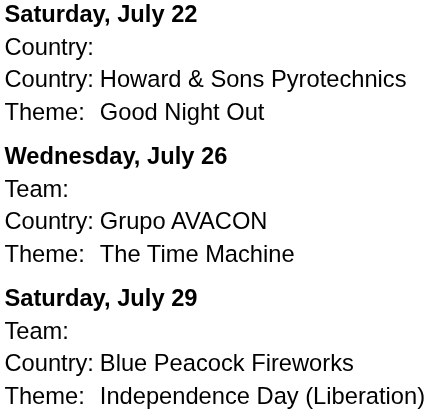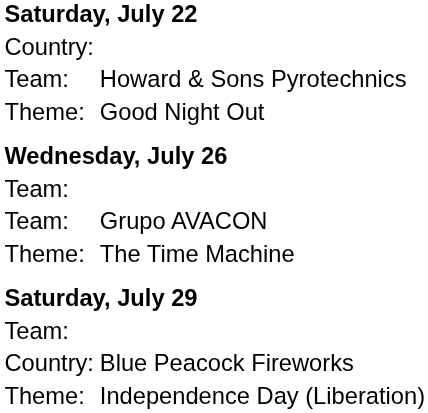 <table border="0">
 <tr>
 <td colspan="2"><strong>Saturday, July 22</strong></td>
 </tr>
 <tr>
 <td>Country:</td>
 <td></td>
 </tr>
 <tr>
-<td>Country:</td>
+<td>Team:</td>
 <td>Howard & Sons Pyrotechnics</td>
 </tr>
 <tr>
 <td>Theme:</td>
 <td>Good Night Out</td>
 </tr>
 <tr>
 <td colspan="2"></td>
 </tr>
 <tr>
 <td></td>
 </tr>
 <tr>
 <td colspan="2"><strong>Wednesday, July 26</strong></td>
 </tr>
 <tr>
 <td>Team:</td>
 <td></td>
 </tr>
 <tr>
-<td>Country:</td>
+<td>Team:</td>
 <td>Grupo AVACON</td>
 </tr>
 <tr>
 <td>Theme:</td>
 <td>The Time Machine</td>
 </tr>
 <tr>
 <td colspan="2"></td>
 </tr>
 <tr>
 <td></td>
 </tr>
 <tr>
 <td colspan="2"><strong>Saturday, July 29</strong></td>
 </tr>
 <tr>
 <td>Team:</td>
 <td></td>
 </tr>
 <tr>
 <td>Country:</td>
 <td>Blue Peacock Fireworks</td>
 </tr>
 <tr>
 <td>Theme:</td>
 <td>Independence Day (Liberation)</td>
 </tr>
 <tr>
 <td colspan="2"></td>
 </tr>
 </table>
